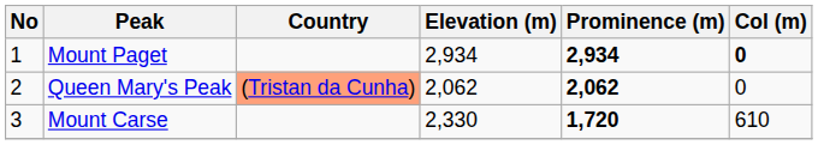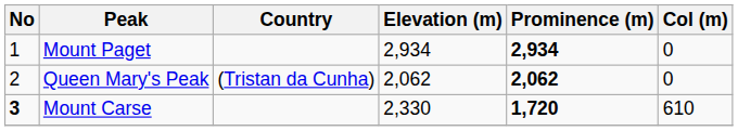 <table class="wikitable sortable sticky-header">
 <tr>
 <th>No</th>
 <th>Peak</th>
 <th>Country</th>
 <th>Elevation (m)</th>
 <th>Prominence (m)</th>
 <th>Col (m)</th>
 </tr>
 <tr>
 <td>1</td>
 <td><a href='#'>Mount Paget</a></td>
 <td></td>
 <td>2,934</td>
 <td><strong>2,934</strong></td>
-<td><strong>0</strong></td>
+<td>0</td>
 </tr>
 <tr>
 <td>2</td>
 <td><a href='#'>Queen Mary's Peak</a></td>
-<td style="background: lightsalmon;"> (<a href='#'>Tristan da Cunha</a>)</td>
+<td> (<a href='#'>Tristan da Cunha</a>)</td>
 <td>2,062</td>
 <td><strong>2,062</strong></td>
 <td>0</td>
 </tr>
 <tr>
-<td>3</td>
+<td><strong>3</strong></td>
 <td><a href='#'>Mount Carse</a></td>
 <td></td>
 <td>2,330</td>
 <td><strong>1,720</strong></td>
 <td>610</td>
 </tr>
 <tr>
 </tr>
 </table>
